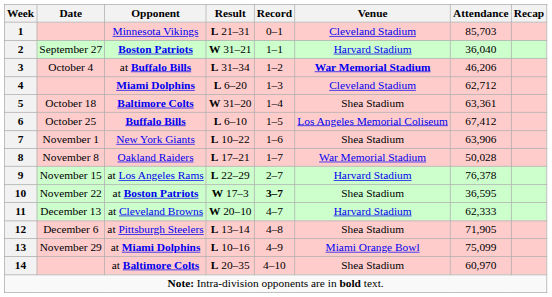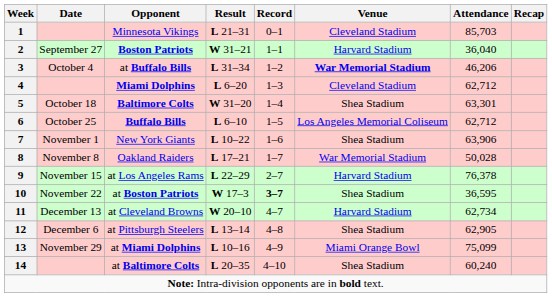 <table class="wikitable" style="text-align:center">
 <tr>
 <th>Week</th>
 <th>Date</th>
 <th>Opponent</th>
 <th>Result</th>
 <th>Record</th>
 <th>Venue</th>
 <th>Attendance</th>
 <th>Recap</th>
 </tr>
 <tr style="background: #fcc;">
 <th>1</th>
 <td></td>
 <td><a href='#'>Minnesota Vikings</a></td>
 <td><strong>L</strong> 21–31</td>
 <td>0–1</td>
 <td><a href='#'>Cleveland Stadium</a></td>
 <td>85,703</td>
 <td></td>
 </tr>
 <tr style="background: #cfc;">
 <th>2</th>
 <td>September 27</td>
 <td><strong><a href='#'>Boston Patriots</a></strong></td>
 <td><strong>W</strong> 31–21</td>
 <td>1–1</td>
 <td><a href='#'>Harvard Stadium</a></td>
 <td>36,040</td>
 <td></td>
 </tr>
 <tr style="background: #fcc;">
 <th>3</th>
 <td>October 4</td>
 <td>at <strong><a href='#'>Buffalo Bills</a></strong></td>
 <td><strong>L</strong> 31–34</td>
 <td>1–2</td>
 <td><strong><a href='#'>War Memorial Stadium</a></strong></td>
 <td>46,206</td>
 <td></td>
 </tr>
 <tr style="background: #fcc;">
 <th>4</th>
 <td></td>
 <td><strong><a href='#'>Miami Dolphins</a></strong></td>
 <td><strong>L</strong> 6–20</td>
 <td>1–3</td>
 <td><a href='#'>Cleveland Stadium</a></td>
 <td>62,712</td>
 <td></td>
 </tr>
 <tr style="background: #fcc;">
 <th>5</th>
 <td>October 18</td>
 <td><strong><a href='#'>Baltimore Colts</a></strong></td>
 <td><strong>W</strong> 31–20</td>
 <td>1–4</td>
 <td>Shea Stadium</td>
-<td>63,361</td>
+<td>63,301</td>
 <td></td>
 </tr>
 <tr style="background: #fcc;">
 <th>6</th>
 <td>October 25</td>
 <td><strong><a href='#'>Buffalo Bills</a></strong></td>
 <td><strong>L</strong> 6–10</td>
 <td>1–5</td>
 <td><a href='#'>Los Angeles Memorial Coliseum</a></td>
-<td>67,412</td>
+<td>62,712</td>
 <td></td>
 </tr>
 <tr style="background: #fcc;">
 <th>7</th>
 <td>November 1</td>
 <td><a href='#'>New York Giants</a></td>
 <td><strong>L</strong> 10–22</td>
 <td>1–6</td>
 <td>Shea Stadium</td>
 <td>63,906</td>
 <td></td>
 </tr>
 <tr style="background: #fcc;">
 <th>8</th>
 <td>November 8</td>
 <td><a href='#'>Oakland Raiders</a></td>
 <td><strong>L</strong> 17–21</td>
 <td>1–7</td>
 <td><a href='#'>War Memorial Stadium</a></td>
 <td>50,028</td>
 <td></td>
 </tr>
 <tr style="background: #cfc;">
 <th>9</th>
 <td>November 15</td>
 <td>at <a href='#'>Los Angeles Rams</a></td>
 <td><strong>L</strong> 22–29</td>
 <td>2–7</td>
 <td><a href='#'>Harvard Stadium</a></td>
 <td>76,378</td>
 <td></td>
 </tr>
 <tr style="background: #cfc;">
 <th>10</th>
 <td>November 22</td>
 <td>at <strong><a href='#'>Boston Patriots</a></strong></td>
 <td><strong>W</strong> 17–3</td>
 <td><strong>3–7</strong></td>
 <td>Shea Stadium</td>
 <td>36,595</td>
 <td></td>
 </tr>
 <tr style="background: #cfc;">
 <th>11</th>
 <td>December 13</td>
 <td>at <a href='#'>Cleveland Browns</a></td>
 <td><strong>W</strong> 20–10</td>
 <td>4–7</td>
 <td><a href='#'>Harvard Stadium</a></td>
-<td>62,333</td>
+<td>62,734</td>
 <td></td>
 </tr>
 <tr style="background: #fcc;">
 <th>12</th>
 <td>December 6</td>
 <td>at <a href='#'>Pittsburgh Steelers</a></td>
 <td><strong>L</strong> 13–14</td>
 <td>4–8</td>
 <td>Shea Stadium</td>
-<td>71,905</td>
+<td>62,905</td>
 <td></td>
 </tr>
 <tr style="background: #fcc;">
 <th>13</th>
 <td>November 29</td>
 <td>at <strong><a href='#'>Miami Dolphins</a></strong></td>
 <td><strong>L</strong> 10–16</td>
 <td>4–9</td>
 <td><a href='#'>Miami Orange Bowl</a></td>
 <td>75,099</td>
 <td></td>
 </tr>
 <tr style="background: #fcc;">
 <th>14</th>
 <td></td>
 <td>at <strong><a href='#'>Baltimore Colts</a></strong></td>
 <td><strong>L</strong> 20–35</td>
 <td>4–10</td>
 <td>Shea Stadium</td>
-<td>60,970</td>
+<td>60,240</td>
 <td></td>
 </tr>
 <tr>
 <td colspan="8"><strong>Note:</strong> Intra-division opponents are in <strong>bold</strong> text.</td>
 </tr>
 </table>
